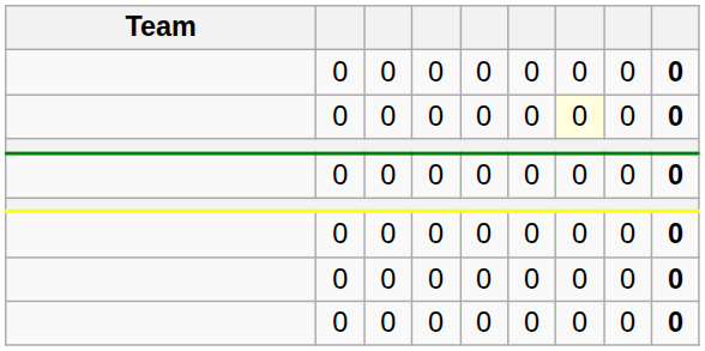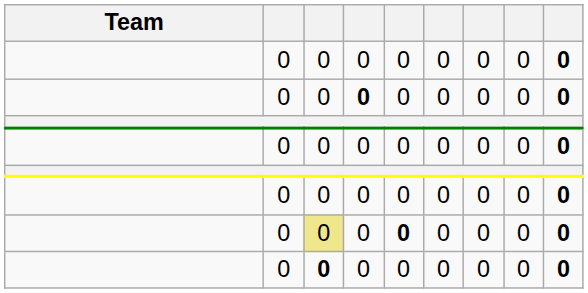 <table class=wikitable style="text-align:center">
 <tr>
 <th width=170>Team</th>
 <th width=20></th>
 <th width=20></th>
 <th width=20></th>
 <th width=20></th>
 <th width=20></th>
 <th width=20></th>
 <th width=20></th>
 <th width=20></th>
 </tr>
 <tr>
 <td align=left></td>
 <td>0</td>
 <td>0</td>
 <td>0</td>
 <td>0</td>
 <td>0</td>
 <td>0</td>
 <td>0</td>
 <td><strong>0</strong></td>
 </tr>
 <tr>
 <td align=left></td>
 <td>0</td>
 <td>0</td>
+<td><strong>0</strong></td>
 <td>0</td>
 <td>0</td>
 <td>0</td>
-<td style="background: lightyellow;">0</td>
 <td>0</td>
 <td><strong>0</strong></td>
 </tr>
 <tr>
 <th colspan=9 style="border-bottom:2px solid green"></th>
 </tr>
 <tr>
 <td align=left></td>
 <td>0</td>
 <td>0</td>
 <td>0</td>
 <td>0</td>
 <td>0</td>
 <td>0</td>
 <td>0</td>
 <td><strong>0</strong></td>
 </tr>
 <tr>
 <th colspan=9 style="border-bottom:2px solid yellow"></th>
 </tr>
 <tr>
 <td align=left></td>
 <td>0</td>
 <td>0</td>
 <td>0</td>
 <td>0</td>
 <td>0</td>
 <td>0</td>
 <td>0</td>
 <td><strong>0</strong></td>
 </tr>
 <tr>
 <td align=left></td>
 <td>0</td>
+<td style="background: khaki;">0</td>
 <td>0</td>
-<td>0</td>
-<td>0</td>
+<td><strong>0</strong></td>
 <td>0</td>
 <td>0</td>
 <td>0</td>
 <td><strong>0</strong></td>
 </tr>
 <tr>
 <td align=left></td>
 <td>0</td>
-<td>0</td>
+<td><strong>0</strong></td>
 <td>0</td>
 <td>0</td>
 <td>0</td>
 <td>0</td>
 <td>0</td>
 <td><strong>0</strong></td>
 </tr>
 </table>
